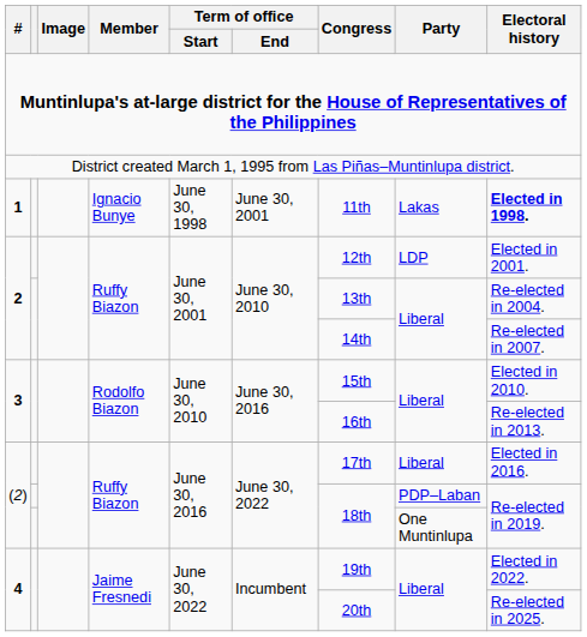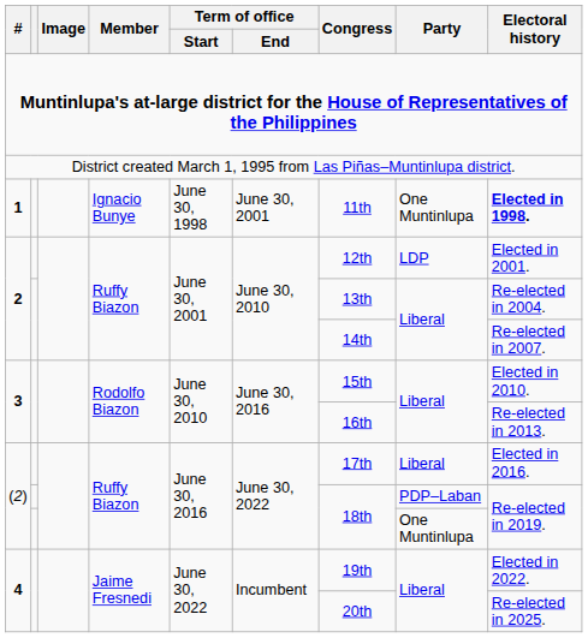 <table class=wikitable>
 <tr>
 <th rowspan="2">#</th>
 <th rowspan="2"></th>
 <th rowspan="2">Image</th>
 <th rowspan="2">Member</th>
 <th colspan=2>Term of office</th>
 <th rowspan="2">Congress</th>
 <th rowspan="2">Party</th>
 <th rowspan="2">Electoral history</th>
 </tr>
 <tr>
 <th>Start</th>
 <th>End</th>
 </tr>
 <tr>
 <td colspan="9" style="text-align:center;"><br><h3>Muntinlupa's at-large district for the <a href='#'>House of Representatives of the Philippines</a></h3></td>
 </tr>
 <tr>
 <td colspan="9" style="text-align:center;">District created March 1, 1995 from <a href='#'>Las Piñas–Muntinlupa district</a>.</td>
 </tr>
 <tr>
 <td style="text-align:center;"><strong>1</strong></td>
 <td style="color:inherit;background:"></td>
 <td></td>
 <td><a href='#'>Ignacio Bunye</a><br></td>
 <td>June 30, 1998</td>
 <td>June 30, 2001</td>
 <td style="text-align:center;"><a href='#'>11th</a></td>
-<td><a href='#'>Lakas</a></td>
+<td>One Muntinlupa</td>
 <td><strong><a href='#'>Elected in 1998</a>.</strong></td>
 </tr>
 <tr>
 <td rowspan="3" style="text-align:center;"><strong>2</strong></td>
 <td style="color:inherit;background:"></td>
 <td rowspan="3"></td>
 <td rowspan="3"><a href='#'>Ruffy Biazon</a><br></td>
 <td rowspan="3">June 30, 2001</td>
 <td rowspan="3">June 30, 2010</td>
 <td style="text-align:center;"><a href='#'>12th</a></td>
 <td><a href='#'>LDP</a></td>
 <td><a href='#'>Elected in 2001</a>.</td>
 </tr>
 <tr>
 <td rowspan="2" style="color:inherit;background:"></td>
 <td style="text-align:center;"><a href='#'>13th</a></td>
 <td rowspan="2"><a href='#'>Liberal</a></td>
 <td><a href='#'>Re-elected in 2004</a>.</td>
 </tr>
 <tr>
 <td style="text-align:center;"><a href='#'>14th</a></td>
 <td><a href='#'>Re-elected in 2007</a>.</td>
 </tr>
 <tr>
 <td rowspan="2" style="text-align:center;"><strong>3</strong></td>
 <td rowspan="2" style="color:inherit;background:"></td>
 <td rowspan="2"></td>
 <td rowspan="2"><a href='#'>Rodolfo Biazon</a><br></td>
 <td rowspan="2">June 30, 2010</td>
 <td rowspan="2">June 30, 2016</td>
 <td style="text-align:center;"><a href='#'>15th</a></td>
 <td rowspan="2"><a href='#'>Liberal</a></td>
 <td><a href='#'>Elected in 2010</a>.</td>
 </tr>
 <tr>
 <td style="text-align:center;"><a href='#'>16th</a></td>
 <td><a href='#'>Re-elected in 2013</a>.</td>
 </tr>
 <tr>
 <td rowspan="3" style="text-align:center;">(<em>2</em>)</td>
 <td style="color:inherit;background:"></td>
 <td rowspan="3"></td>
 <td rowspan="3"><a href='#'>Ruffy Biazon</a><br></td>
 <td rowspan="3">June 30, 2016</td>
 <td rowspan="3">June 30, 2022</td>
 <td style="text-align:center;"><a href='#'>17th</a></td>
 <td><a href='#'>Liberal</a></td>
 <td><a href='#'>Elected in 2016</a>.</td>
 </tr>
 <tr>
 <td style="color:inherit;background:"></td>
 <td rowspan="2" style="text-align:center;"><a href='#'>18th</a></td>
 <td><a href='#'>PDP–Laban</a></td>
 <td rowspan="2"><a href='#'>Re-elected in 2019</a>.</td>
 </tr>
 <tr>
 <td style="color:inherit;background:"></td>
 <td>One Muntinlupa</td>
 </tr>
 <tr>
 <td rowspan="2" style="text-align:center;"><strong>4</strong></td>
 <td rowspan="2" style="color:inherit;background:"></td>
 <td rowspan="2"></td>
 <td rowspan="2"><a href='#'>Jaime Fresnedi</a><br></td>
 <td rowspan="2">June 30, 2022</td>
 <td rowspan="2">Incumbent</td>
 <td style="text-align:center;"><a href='#'>19th</a></td>
 <td rowspan="2"><a href='#'>Liberal</a></td>
 <td><a href='#'>Elected in 2022</a>.</td>
 </tr>
 <tr>
 <td style="text-align:center;"><a href='#'>20th</a></td>
 <td><a href='#'>Re-elected in 2025</a>.</td>
 </tr>
 </table>
